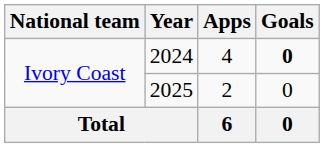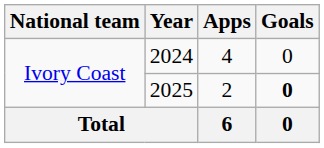 <table class=wikitable style=text-align:center>
 <tr>
 <th>National team</th>
 <th>Year</th>
 <th>Apps</th>
 <th>Goals</th>
 </tr>
 <tr>
 <td rowspan="2"><a href='#'>Ivory Coast</a></td>
 <td>2024</td>
 <td>4</td>
-<td><strong>0</strong></td>
+<td>0</td>
 </tr>
 <tr>
 <td>2025</td>
 <td>2</td>
-<td>0</td>
+<td><strong>0</strong></td>
 </tr>
 <tr>
 <th colspan="2">Total</th>
 <th>6</th>
 <th>0</th>
 </tr>
 </table>
